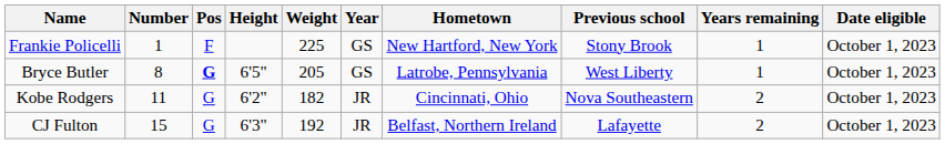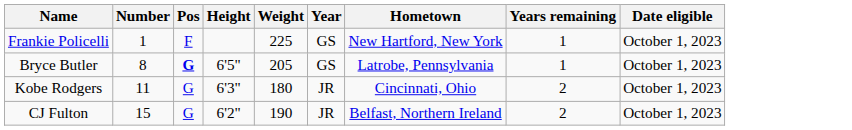 <table class="wikitable sortable sortable" style="text-align: center">
 <tr align="center">
 <th>Name</th>
 <th>Number</th>
 <th>Pos</th>
 <th>Height</th>
 <th>Weight</th>
 <th>Year</th>
 <th>Hometown</th>
-<th>Previous school</th>
 <th>Years remaining</th>
 <th>Date eligible</th>
 </tr>
 <tr>
 <td><a href='#'>Frankie Policelli</a></td>
 <td>1</td>
 <td><a href='#'>F</a></td>
 <td></td>
 <td>225</td>
 <td>GS</td>
 <td><a href='#'>New Hartford, New York</a></td>
-<td><a href='#'>Stony Brook</a></td>
 <td>1</td>
 <td>October 1, 2023</td>
 </tr>
 <tr>
 <td>Bryce Butler</td>
 <td>8</td>
 <td><strong><a href='#'>G</a></strong></td>
 <td>6'5"</td>
 <td>205</td>
 <td>GS</td>
 <td><a href='#'>Latrobe, Pennsylvania</a></td>
-<td><a href='#'>West Liberty</a></td>
 <td>1</td>
 <td>October 1, 2023</td>
 </tr>
 <tr>
 <td>Kobe Rodgers</td>
 <td>11</td>
 <td><a href='#'>G</a></td>
-<td>6'2"</td>
-<td>182</td>
+<td>6'3"</td>
+<td>180</td>
 <td>JR</td>
 <td><a href='#'>Cincinnati, Ohio</a></td>
-<td><a href='#'>Nova Southeastern</a></td>
 <td>2</td>
 <td>October 1, 2023</td>
 </tr>
 <tr>
 <td>CJ Fulton</td>
 <td>15</td>
 <td><a href='#'>G</a></td>
-<td>6'3"</td>
-<td>192</td>
+<td>6'2"</td>
+<td>190</td>
 <td>JR</td>
 <td><a href='#'>Belfast, Northern Ireland</a></td>
-<td><a href='#'>Lafayette</a></td>
 <td>2</td>
 <td>October 1, 2023</td>
 </tr>
 </table>
